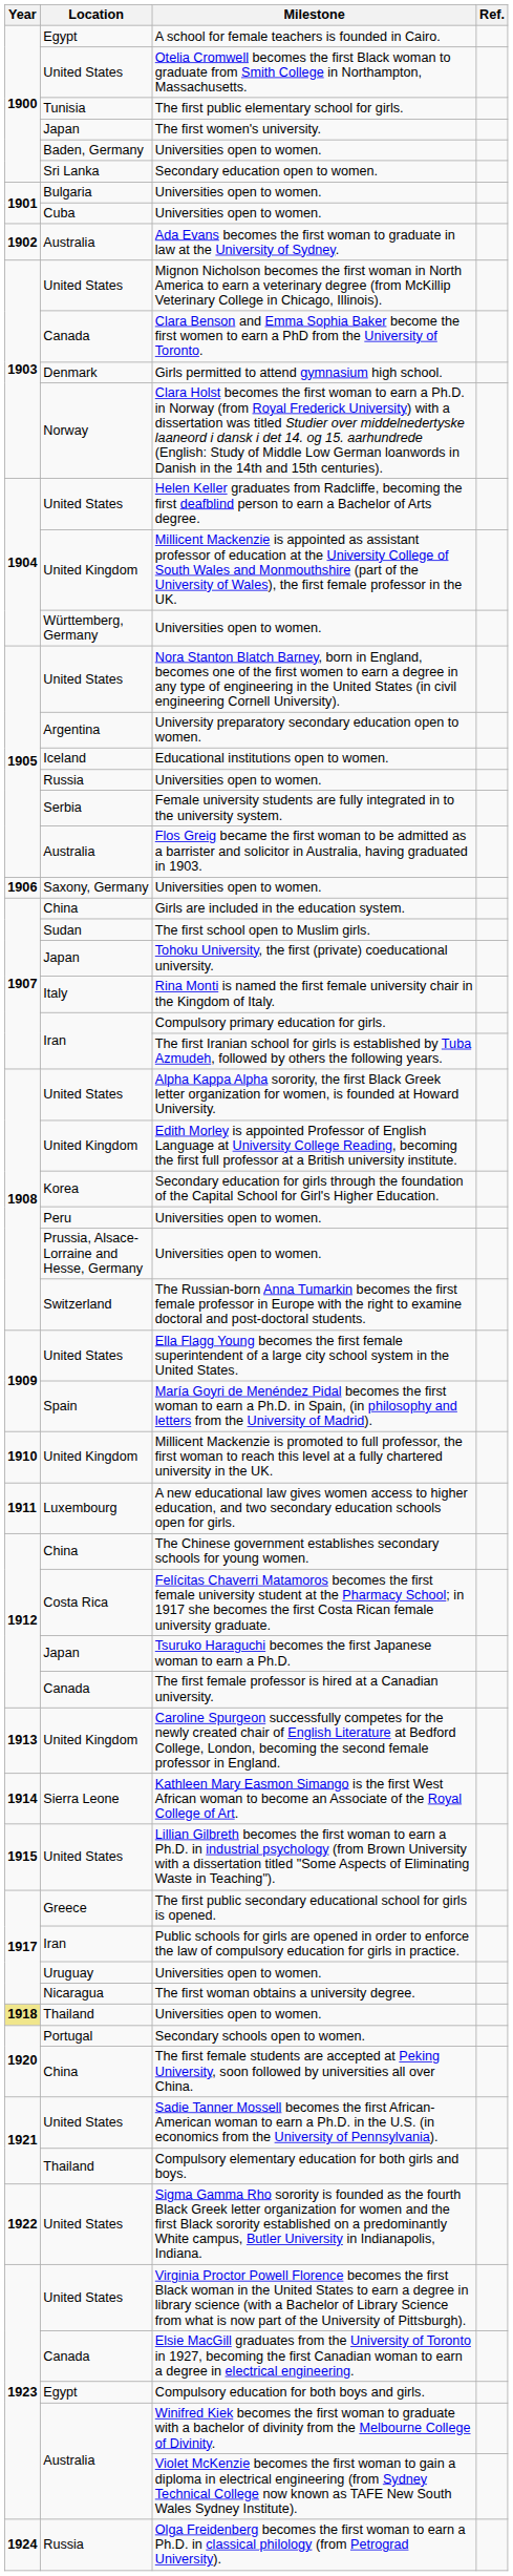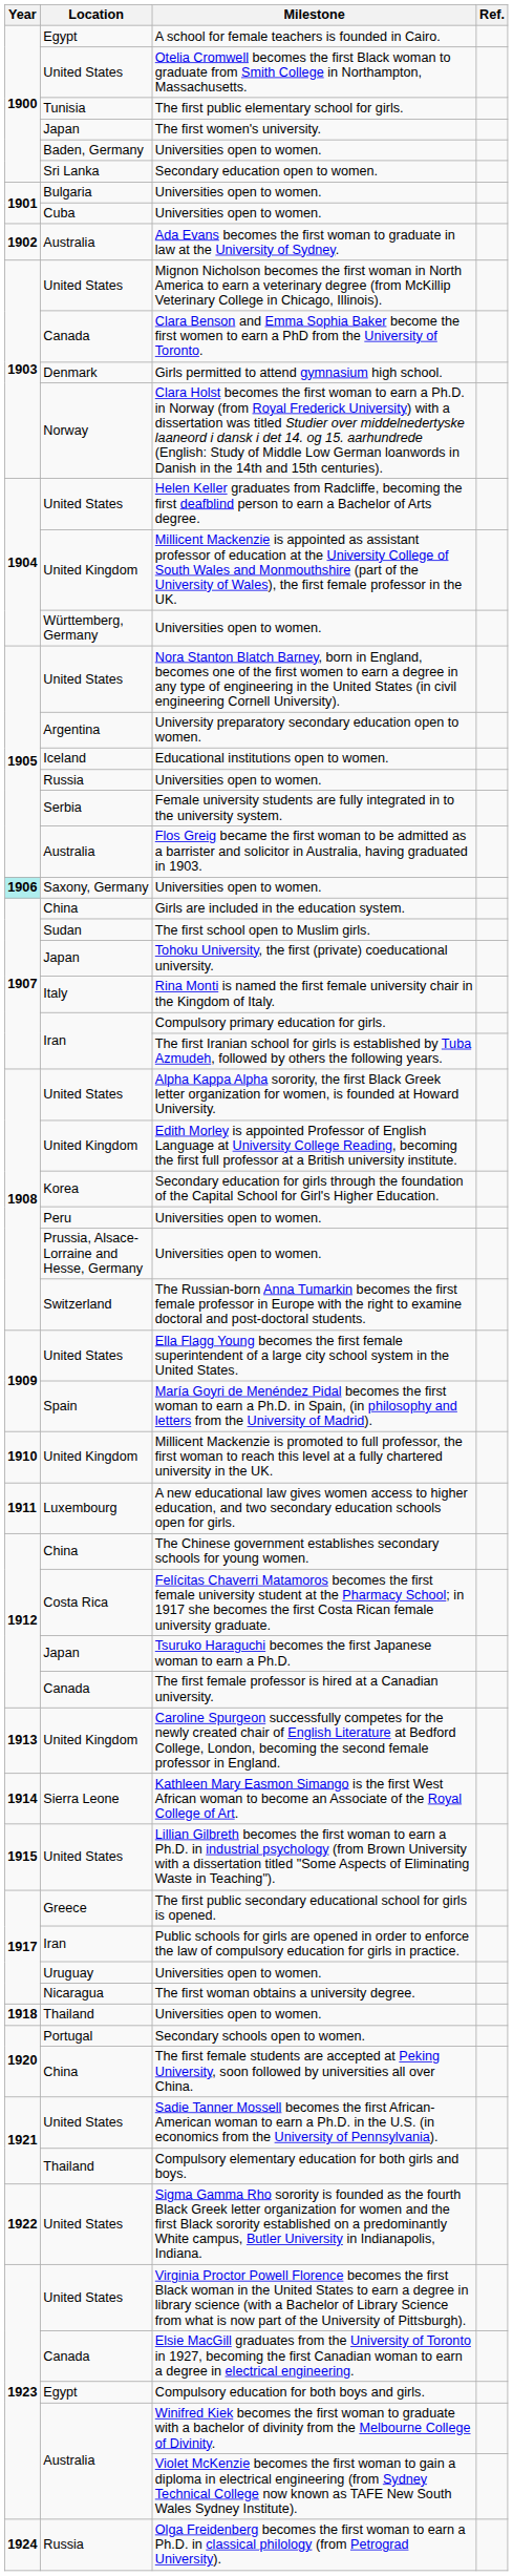 <table class="wikitable sortable">
 <tr>
 <th>Year</th>
 <th>Location</th>
 <th>Milestone</th>
 <th>Ref.</th>
 </tr>
 <tr>
 <td rowspan="6"><strong>1900</strong></td>
 <td>Egypt</td>
 <td>A school for female teachers is founded in Cairo.</td>
 <td></td>
 </tr>
 <tr>
 <td>United States</td>
 <td><a href='#'>Otelia Cromwell</a> becomes the first Black woman to graduate from <a href='#'>Smith College</a> in Northampton, Massachusetts.</td>
 <td></td>
 </tr>
 <tr>
 <td>Tunisia</td>
 <td>The first public elementary school for girls.</td>
 <td></td>
 </tr>
 <tr>
 <td>Japan</td>
 <td>The first women's university.</td>
 <td></td>
 </tr>
 <tr>
 <td>Baden, Germany</td>
 <td>Universities open to women.</td>
 <td></td>
 </tr>
 <tr>
 <td>Sri Lanka</td>
 <td>Secondary education open to women.</td>
 <td></td>
 </tr>
 <tr>
 <td rowspan="2"><strong>1901</strong></td>
 <td>Bulgaria</td>
 <td>Universities open to women.</td>
 <td></td>
 </tr>
 <tr>
 <td>Cuba</td>
 <td>Universities open to women.</td>
 <td></td>
 </tr>
 <tr>
 <td><strong>1902</strong></td>
 <td>Australia</td>
 <td><a href='#'>Ada Evans</a> becomes the first woman to graduate in law at the <a href='#'>University of Sydney</a>.</td>
 <td></td>
 </tr>
 <tr>
 <td rowspan="4"><strong>1903</strong></td>
 <td>United States</td>
 <td>Mignon Nicholson becomes the first woman in North America to earn a veterinary degree (from McKillip Veterinary College in Chicago, Illinois).</td>
 <td></td>
 </tr>
 <tr>
 <td>Canada</td>
 <td><a href='#'>Clara Benson</a> and <a href='#'>Emma Sophia Baker</a> become the first women to earn a PhD from the <a href='#'>University of Toronto</a>.</td>
 <td></td>
 </tr>
 <tr>
 <td>Denmark</td>
 <td>Girls permitted to attend <a href='#'>gymnasium</a> high school.</td>
 <td></td>
 </tr>
 <tr>
 <td>Norway</td>
 <td><a href='#'>Clara Holst</a> becomes the first woman to earn a Ph.D. in Norway (from <a href='#'>Royal Frederick University</a>) with a dissertation was titled <em>Studier over middelnedertyske laaneord i dansk i det 14. og 15. aarhundrede</em> (English: Study of Middle Low German loanwords in Danish in the 14th and 15th centuries).</td>
 <td></td>
 </tr>
 <tr>
 <td rowspan="3"><strong>1904</strong></td>
 <td>United States</td>
 <td><a href='#'>Helen Keller</a> graduates from Radcliffe, becoming the first <a href='#'>deafblind</a> person to earn a Bachelor of Arts degree.</td>
 <td></td>
 </tr>
 <tr>
 <td>United Kingdom</td>
 <td><a href='#'>Millicent Mackenzie</a> is appointed as assistant professor of education at the <a href='#'>University College of South Wales and Monmouthshire</a> (part of the <a href='#'>University of Wales</a>), the first female professor in the UK.</td>
 <td></td>
 </tr>
 <tr>
 <td>Württemberg, Germany</td>
 <td>Universities open to women.</td>
 <td></td>
 </tr>
 <tr>
 <td rowspan="6"><strong>1905</strong></td>
 <td>United States</td>
 <td><a href='#'>Nora Stanton Blatch Barney</a>, born in England, becomes one of the first women to earn a degree in any type of engineering in the United States (in civil engineering Cornell University).</td>
 <td></td>
 </tr>
 <tr>
 <td>Argentina</td>
 <td>University preparatory secondary education open to women.</td>
 <td></td>
 </tr>
 <tr>
 <td>Iceland</td>
 <td>Educational institutions open to women.</td>
 <td></td>
 </tr>
 <tr>
 <td>Russia</td>
 <td>Universities open to women.</td>
 <td></td>
 </tr>
 <tr>
 <td>Serbia</td>
 <td>Female university students are fully integrated in to the university system.</td>
 <td></td>
 </tr>
 <tr>
 <td>Australia</td>
 <td><a href='#'>Flos Greig</a> became the first woman to be admitted as a barrister and solicitor in Australia, having graduated in 1903.</td>
 <td></td>
 </tr>
 <tr>
-<td><strong>1906</strong></td>
+<td style="background: paleturquoise;"><strong>1906</strong></td>
 <td>Saxony, Germany</td>
 <td>Universities open to women.</td>
 <td></td>
 </tr>
 <tr>
 <td rowspan="6"><strong>1907</strong></td>
 <td>China</td>
 <td>Girls are included in the education system.</td>
 <td></td>
 </tr>
 <tr>
 <td>Sudan</td>
 <td>The first school open to Muslim girls.</td>
 <td></td>
 </tr>
 <tr>
 <td>Japan</td>
 <td><a href='#'>Tohoku University</a>, the first (private) coeducational university.</td>
 <td></td>
 </tr>
 <tr>
 <td>Italy</td>
 <td><a href='#'>Rina Monti</a> is named the first female university chair in the Kingdom of Italy.</td>
 <td></td>
 </tr>
 <tr>
 <td rowspan="2">Iran</td>
 <td>Compulsory primary education for girls.</td>
 <td></td>
 </tr>
 <tr>
 <td>The first Iranian school for girls is established by <a href='#'>Tuba Azmudeh</a>, followed by others the following years.</td>
 <td></td>
 </tr>
 <tr>
 <td rowspan="6"><strong>1908</strong></td>
 <td>United States</td>
 <td><a href='#'>Alpha Kappa Alpha</a> sorority, the first Black Greek letter organization for women, is founded at Howard University.</td>
 <td></td>
 </tr>
 <tr>
 <td>United Kingdom</td>
 <td><a href='#'>Edith Morley</a> is appointed Professor of English Language at <a href='#'>University College Reading</a>, becoming the first full professor at a British university institute.</td>
 <td></td>
 </tr>
 <tr>
 <td>Korea</td>
 <td>Secondary education for girls through the foundation of the Capital School for Girl's Higher Education.</td>
 <td></td>
 </tr>
 <tr>
 <td>Peru</td>
 <td>Universities open to women.</td>
 <td></td>
 </tr>
 <tr>
 <td>Prussia, Alsace-Lorraine and Hesse, Germany</td>
 <td>Universities open to women.</td>
 <td></td>
 </tr>
 <tr>
 <td>Switzerland</td>
 <td>The Russian-born <a href='#'>Anna Tumarkin</a> becomes the first female professor in Europe with the right to examine doctoral and post-doctoral students.</td>
 <td></td>
 </tr>
 <tr>
 <td rowspan="2"><strong>1909</strong></td>
 <td>United States</td>
 <td><a href='#'>Ella Flagg Young</a> becomes the first female superintendent of a large city school system in the United States.</td>
 <td></td>
 </tr>
 <tr>
 <td>Spain</td>
 <td><a href='#'>María Goyri de Menéndez Pidal</a> becomes the first woman to earn a Ph.D. in Spain, (in <a href='#'>philosophy and letters</a> from the <a href='#'>University of Madrid</a>).</td>
 <td></td>
 </tr>
 <tr>
 <td><strong>1910</strong></td>
 <td>United Kingdom</td>
 <td>Millicent Mackenzie is promoted to full professor, the first woman to reach this level at a fully chartered university in the UK.</td>
 <td></td>
 </tr>
 <tr>
 <td><strong>1911</strong></td>
 <td>Luxembourg</td>
 <td>A new educational law gives women access to higher education, and two secondary education schools open for girls.</td>
 <td></td>
 </tr>
 <tr>
 <td rowspan="4"><strong>1912</strong></td>
 <td>China</td>
 <td>The Chinese government establishes secondary schools for young women.</td>
 <td></td>
 </tr>
 <tr>
 <td>Costa Rica</td>
 <td><a href='#'>Felícitas Chaverri Matamoros</a> becomes the first female university student at the <a href='#'>Pharmacy School</a>; in 1917 she becomes the first Costa Rican female university graduate.</td>
 <td></td>
 </tr>
 <tr>
 <td>Japan</td>
 <td><a href='#'>Tsuruko Haraguchi</a> becomes the first Japanese woman to earn a Ph.D.</td>
 <td></td>
 </tr>
 <tr>
 <td>Canada</td>
 <td>The first female professor is hired at a Canadian university.</td>
 <td></td>
 </tr>
 <tr>
 <td><strong>1913</strong></td>
 <td>United Kingdom</td>
 <td><a href='#'>Caroline Spurgeon</a> successfully competes for the newly created chair of <a href='#'>English Literature</a> at Bedford College, London, becoming the second female professor in England.</td>
 <td></td>
 </tr>
 <tr>
 <td><strong>1914</strong></td>
 <td>Sierra Leone</td>
 <td><a href='#'>Kathleen Mary Easmon Simango</a> is the first West African woman to become an Associate of the <a href='#'>Royal College of Art</a>.</td>
 <td></td>
 </tr>
 <tr>
 <td><strong>1915</strong></td>
 <td>United States</td>
 <td><a href='#'>Lillian Gilbreth</a> becomes the first woman to earn a Ph.D. in <a href='#'>industrial psychology</a> (from Brown University with a dissertation titled "Some Aspects of Eliminating Waste in Teaching").</td>
 <td></td>
 </tr>
 <tr>
 <td rowspan="4"><strong>1917</strong></td>
 <td>Greece</td>
 <td>The first public secondary educational school for girls is opened.</td>
 <td></td>
 </tr>
 <tr>
 <td>Iran</td>
 <td>Public schools for girls are opened in order to enforce the law of compulsory education for girls in practice.</td>
 <td></td>
 </tr>
 <tr>
 <td>Uruguay</td>
 <td>Universities open to women.</td>
 <td></td>
 </tr>
 <tr>
 <td>Nicaragua</td>
 <td>The first woman obtains a university degree.</td>
 <td></td>
 </tr>
 <tr>
-<td style="background: khaki;"><strong>1918</strong></td>
+<td><strong>1918</strong></td>
 <td>Thailand</td>
 <td>Universities open to women.</td>
 <td></td>
 </tr>
 <tr>
 <td rowspan="2"><strong>1920</strong></td>
 <td>Portugal</td>
 <td>Secondary schools open to women.</td>
 <td></td>
 </tr>
 <tr>
 <td>China</td>
 <td>The first female students are accepted at <a href='#'>Peking University</a>, soon followed by universities all over China.</td>
 <td></td>
 </tr>
 <tr>
 <td rowspan="2"><strong>1921</strong></td>
 <td>United States</td>
 <td><a href='#'>Sadie Tanner Mossell</a> becomes the first African-American woman to earn a Ph.D. in the U.S. (in economics from the <a href='#'>University of Pennsylvania</a>).</td>
 <td></td>
 </tr>
 <tr>
 <td>Thailand</td>
 <td>Compulsory elementary education for both girls and boys.</td>
 <td></td>
 </tr>
 <tr>
 <td><strong>1922</strong></td>
 <td>United States</td>
 <td><a href='#'>Sigma Gamma Rho</a> sorority is founded as the fourth Black Greek letter organization for women and the first Black sorority established on a predominantly White campus, <a href='#'>Butler University</a> in Indianapolis, Indiana.</td>
 <td></td>
 </tr>
 <tr>
 <td rowspan="5"><strong>1923</strong></td>
 <td>United States</td>
 <td><a href='#'>Virginia Proctor Powell Florence</a> becomes the first Black woman in the United States to earn a degree in library science (with a Bachelor of Library Science from what is now part of the University of Pittsburgh).</td>
 <td></td>
 </tr>
 <tr>
 <td>Canada</td>
 <td><a href='#'>Elsie MacGill</a> graduates from the <a href='#'>University of Toronto</a> in 1927, becoming the first Canadian woman to earn a degree in <a href='#'>electrical engineering</a>.</td>
 <td></td>
 </tr>
 <tr>
 <td>Egypt</td>
 <td>Compulsory education for both boys and girls.</td>
 <td></td>
 </tr>
 <tr>
 <td rowspan="2">Australia</td>
 <td><a href='#'>Winifred Kiek</a> becomes the first woman to graduate with a bachelor of divinity from the <a href='#'>Melbourne College of Divinity</a>.</td>
 <td></td>
 </tr>
 <tr>
 <td><a href='#'>Violet McKenzie</a> becomes the first woman to gain a diploma in electrical engineering (from <a href='#'>Sydney Technical College</a> now known as TAFE New South Wales Sydney Institute).</td>
 <td></td>
 </tr>
 <tr>
 <td><strong>1924</strong></td>
 <td>Russia</td>
 <td><a href='#'>Olga Freidenberg</a> becomes the first woman to earn a Ph.D. in <a href='#'>classical philology</a> (from <a href='#'>Petrograd University</a>).</td>
 <td></td>
 </tr>
 </table>
